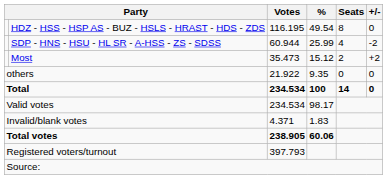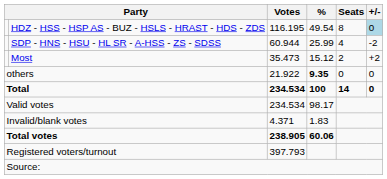 <table class="wikitable" style="text-align: left;">
 <tr>
 <th colspan="2">Party</th>
 <th>Votes</th>
 <th>%</th>
 <th>Seats</th>
 <th>+/-</th>
 </tr>
 <tr>
 <td style="background-color: "></td>
 <td><a href='#'>HDZ</a> - <a href='#'>HSS</a> - <a href='#'>HSP AS</a> - BUZ - <a href='#'>HSLS</a> - <a href='#'>HRAST</a> - <a href='#'>HDS</a> - <a href='#'>ZDS</a></td>
 <td>116.195</td>
 <td>49.54</td>
 <td>8</td>
-<td>0</td>
+<td style="background: lightblue;">0</td>
 </tr>
 <tr>
 <td style="background-color: "></td>
 <td><a href='#'>SDP</a> - <a href='#'>HNS</a> - <a href='#'>HSU</a> - <a href='#'>HL SR</a> - <a href='#'>A-HSS</a> - <a href='#'>ZS</a> - <a href='#'>SDSS</a></td>
 <td>60.944</td>
 <td>25.99</td>
 <td>4</td>
 <td>-2</td>
 </tr>
 <tr>
 <td style="background-color: "></td>
 <td><a href='#'>Most</a></td>
 <td>35.473</td>
 <td>15.12</td>
 <td>2</td>
 <td>+2</td>
 </tr>
 <tr>
 <td colspan="2">others</td>
 <td>21.922</td>
-<td>9.35</td>
+<td><strong>9.35</strong></td>
 <td>0</td>
 <td>0</td>
 </tr>
 <tr>
 <td colspan="2"><strong>Total</strong></td>
 <td><strong>234.534</strong></td>
 <td><strong>100</strong></td>
 <td><strong>14</strong></td>
 <td><strong>0</strong></td>
 </tr>
 <tr>
 <td colspan="2">Valid votes</td>
 <td>234.534</td>
 <td>98.17</td>
 <td colspan="2"></td>
 </tr>
 <tr>
 <td colspan="2">Invalid/blank votes</td>
 <td>4.371</td>
 <td>1.83</td>
 <td colspan="2"></td>
 </tr>
 <tr>
 <td colspan="2"><strong>Total votes</strong></td>
 <td><strong>238.905</strong></td>
 <td><strong>60.06</strong></td>
 <td colspan="2"></td>
 </tr>
 <tr>
 <td colspan="2">Registered voters/turnout</td>
 <td votes14="5343">397.793</td>
 <td></td>
 <td colspan="2"></td>
 </tr>
 <tr>
 <td colspan="6">Source: </td>
 </tr>
 </table>
